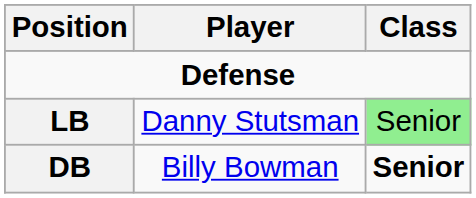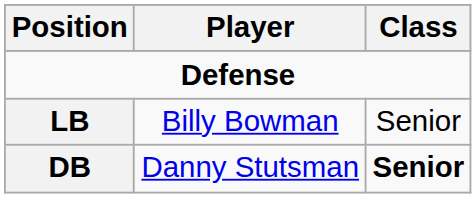 <table class="wikitable">
 <tr>
 <th>Position</th>
 <th>Player</th>
 <th>Class</th>
 </tr>
 <tr>
 <td colspan="4" style="text-align:center; "><strong>Defense</strong></td>
 </tr>
 <tr style="text-align:center;">
 <th rowspan="1">LB</th>
-<td><a href='#'>Danny Stutsman</a></td>
-<td style="background: lightgreen;">Senior</td>
+<td><a href='#'>Billy Bowman</a></td>
+<td>Senior</td>
 </tr>
 <tr style="text-align:center;">
 <th rowspan="1">DB</th>
-<td><a href='#'>Billy Bowman</a></td>
+<td><a href='#'>Danny Stutsman</a></td>
 <td><strong>Senior</strong></td>
 </tr>
 </table>
